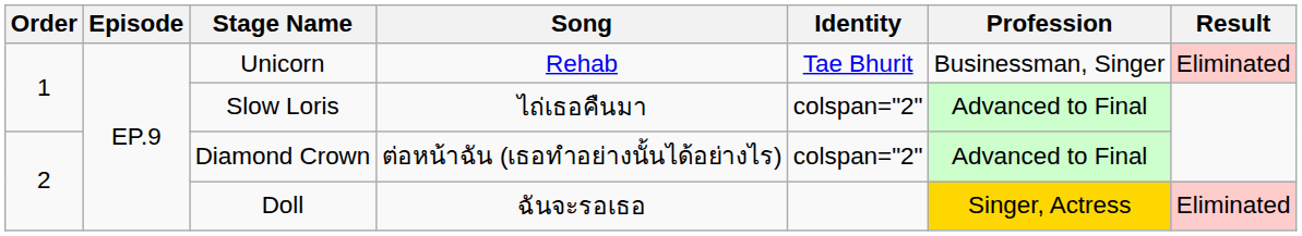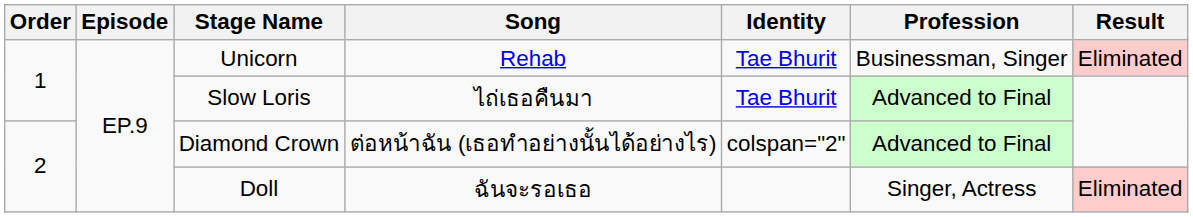 <table class="wikitable">
 <tr>
 <th>Order</th>
 <th>Episode</th>
 <th>Stage Name</th>
 <th>Song</th>
 <th>Identity</th>
 <th>Profession</th>
 <th>Result</th>
 </tr>
 <tr>
 <td rowspan="2" align="center">1</td>
 <td rowspan="4" align="center">EP.9</td>
 <td align="center">Unicorn</td>
 <td align="center"><a href='#'>Rehab</a></td>
 <td align="center"><a href='#'>Tae Bhurit</a></td>
 <td align="center">Businessman, Singer</td>
 <td style="text-align:center; background:#ffcccc;">Eliminated</td>
 </tr>
 <tr>
 <td align="center">Slow Loris</td>
 <td align="center">ไถ่เธอคืนมา</td>
-<td>colspan="2"  </td>
+<td align="center"><a href='#'>Tae Bhurit</a></td>
 <td style="text-align:center; background:#ccffcc;">Advanced to Final</td>
 </tr>
 <tr>
 <td rowspan="2" align="center">2</td>
 <td align="center">Diamond Crown</td>
 <td align="center">ต่อหน้าฉัน (เธอทำอย่างนั้นได้อย่างไร)</td>
 <td>colspan="2"  </td>
 <td style="text-align:center; background:#ccffcc;">Advanced to Final</td>
 </tr>
 <tr>
 <td align="center">Doll</td>
 <td align="center">ฉันจะรอเธอ</td>
 <td align="center"></td>
-<td align="center" style="background: gold;">Singer, Actress</td>
+<td align="center">Singer, Actress</td>
 <td style="text-align:center; background:#ffcccc;">Eliminated</td>
 </tr>
 </table>
